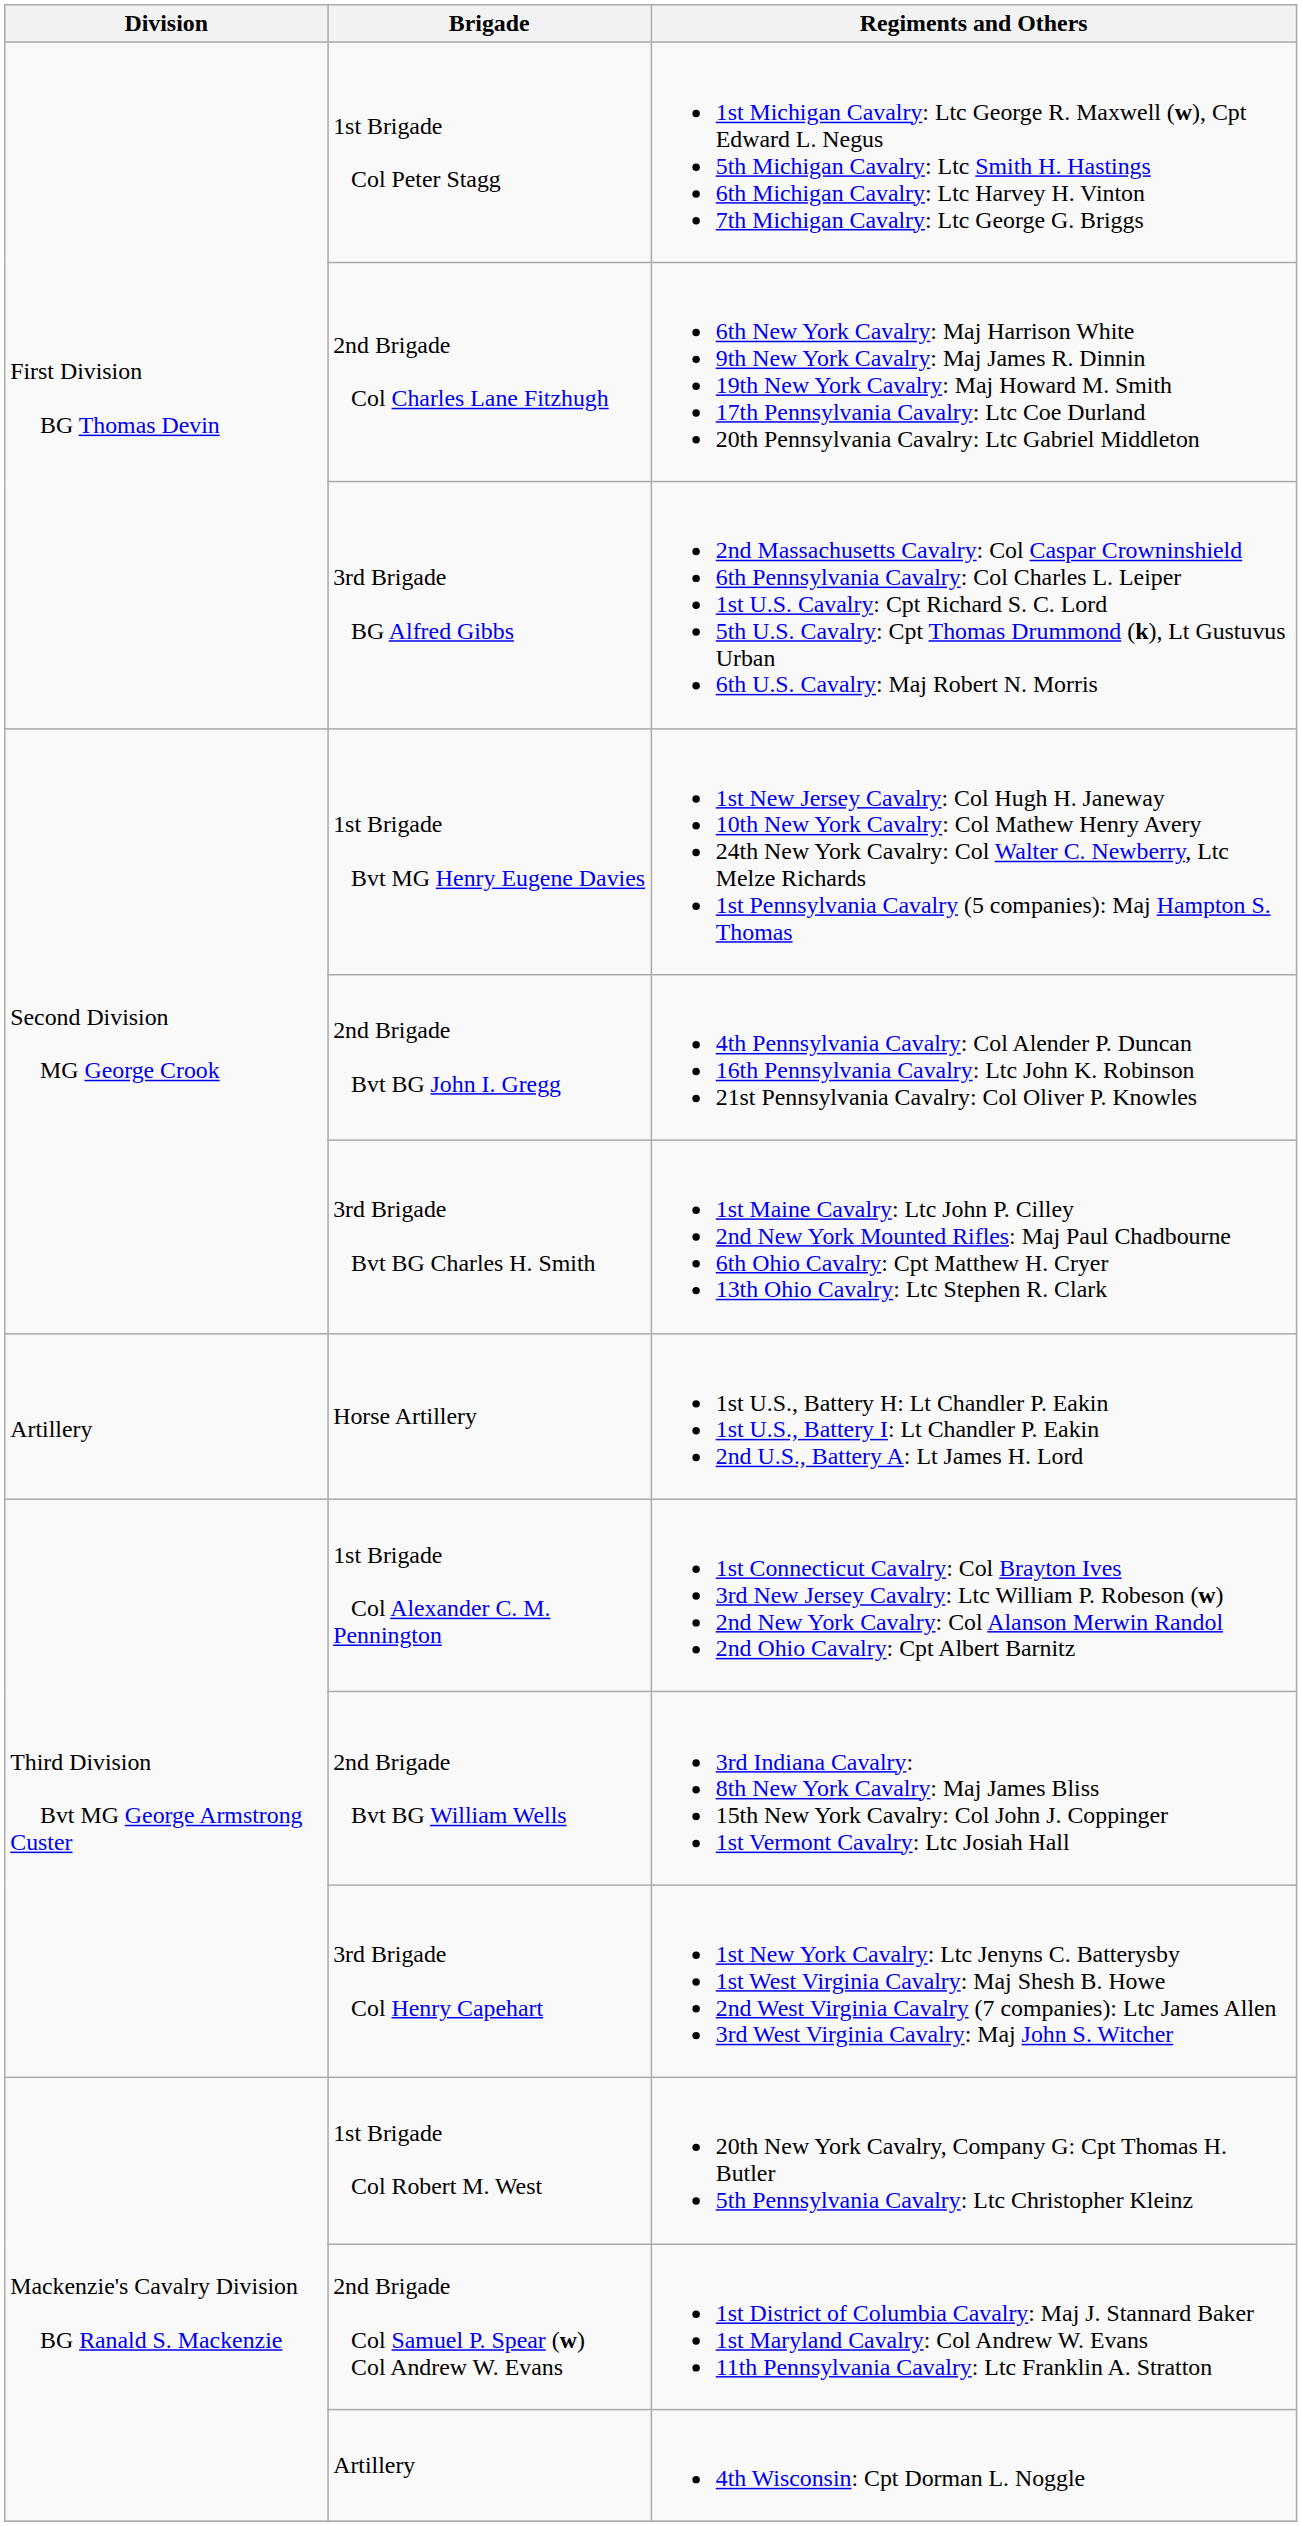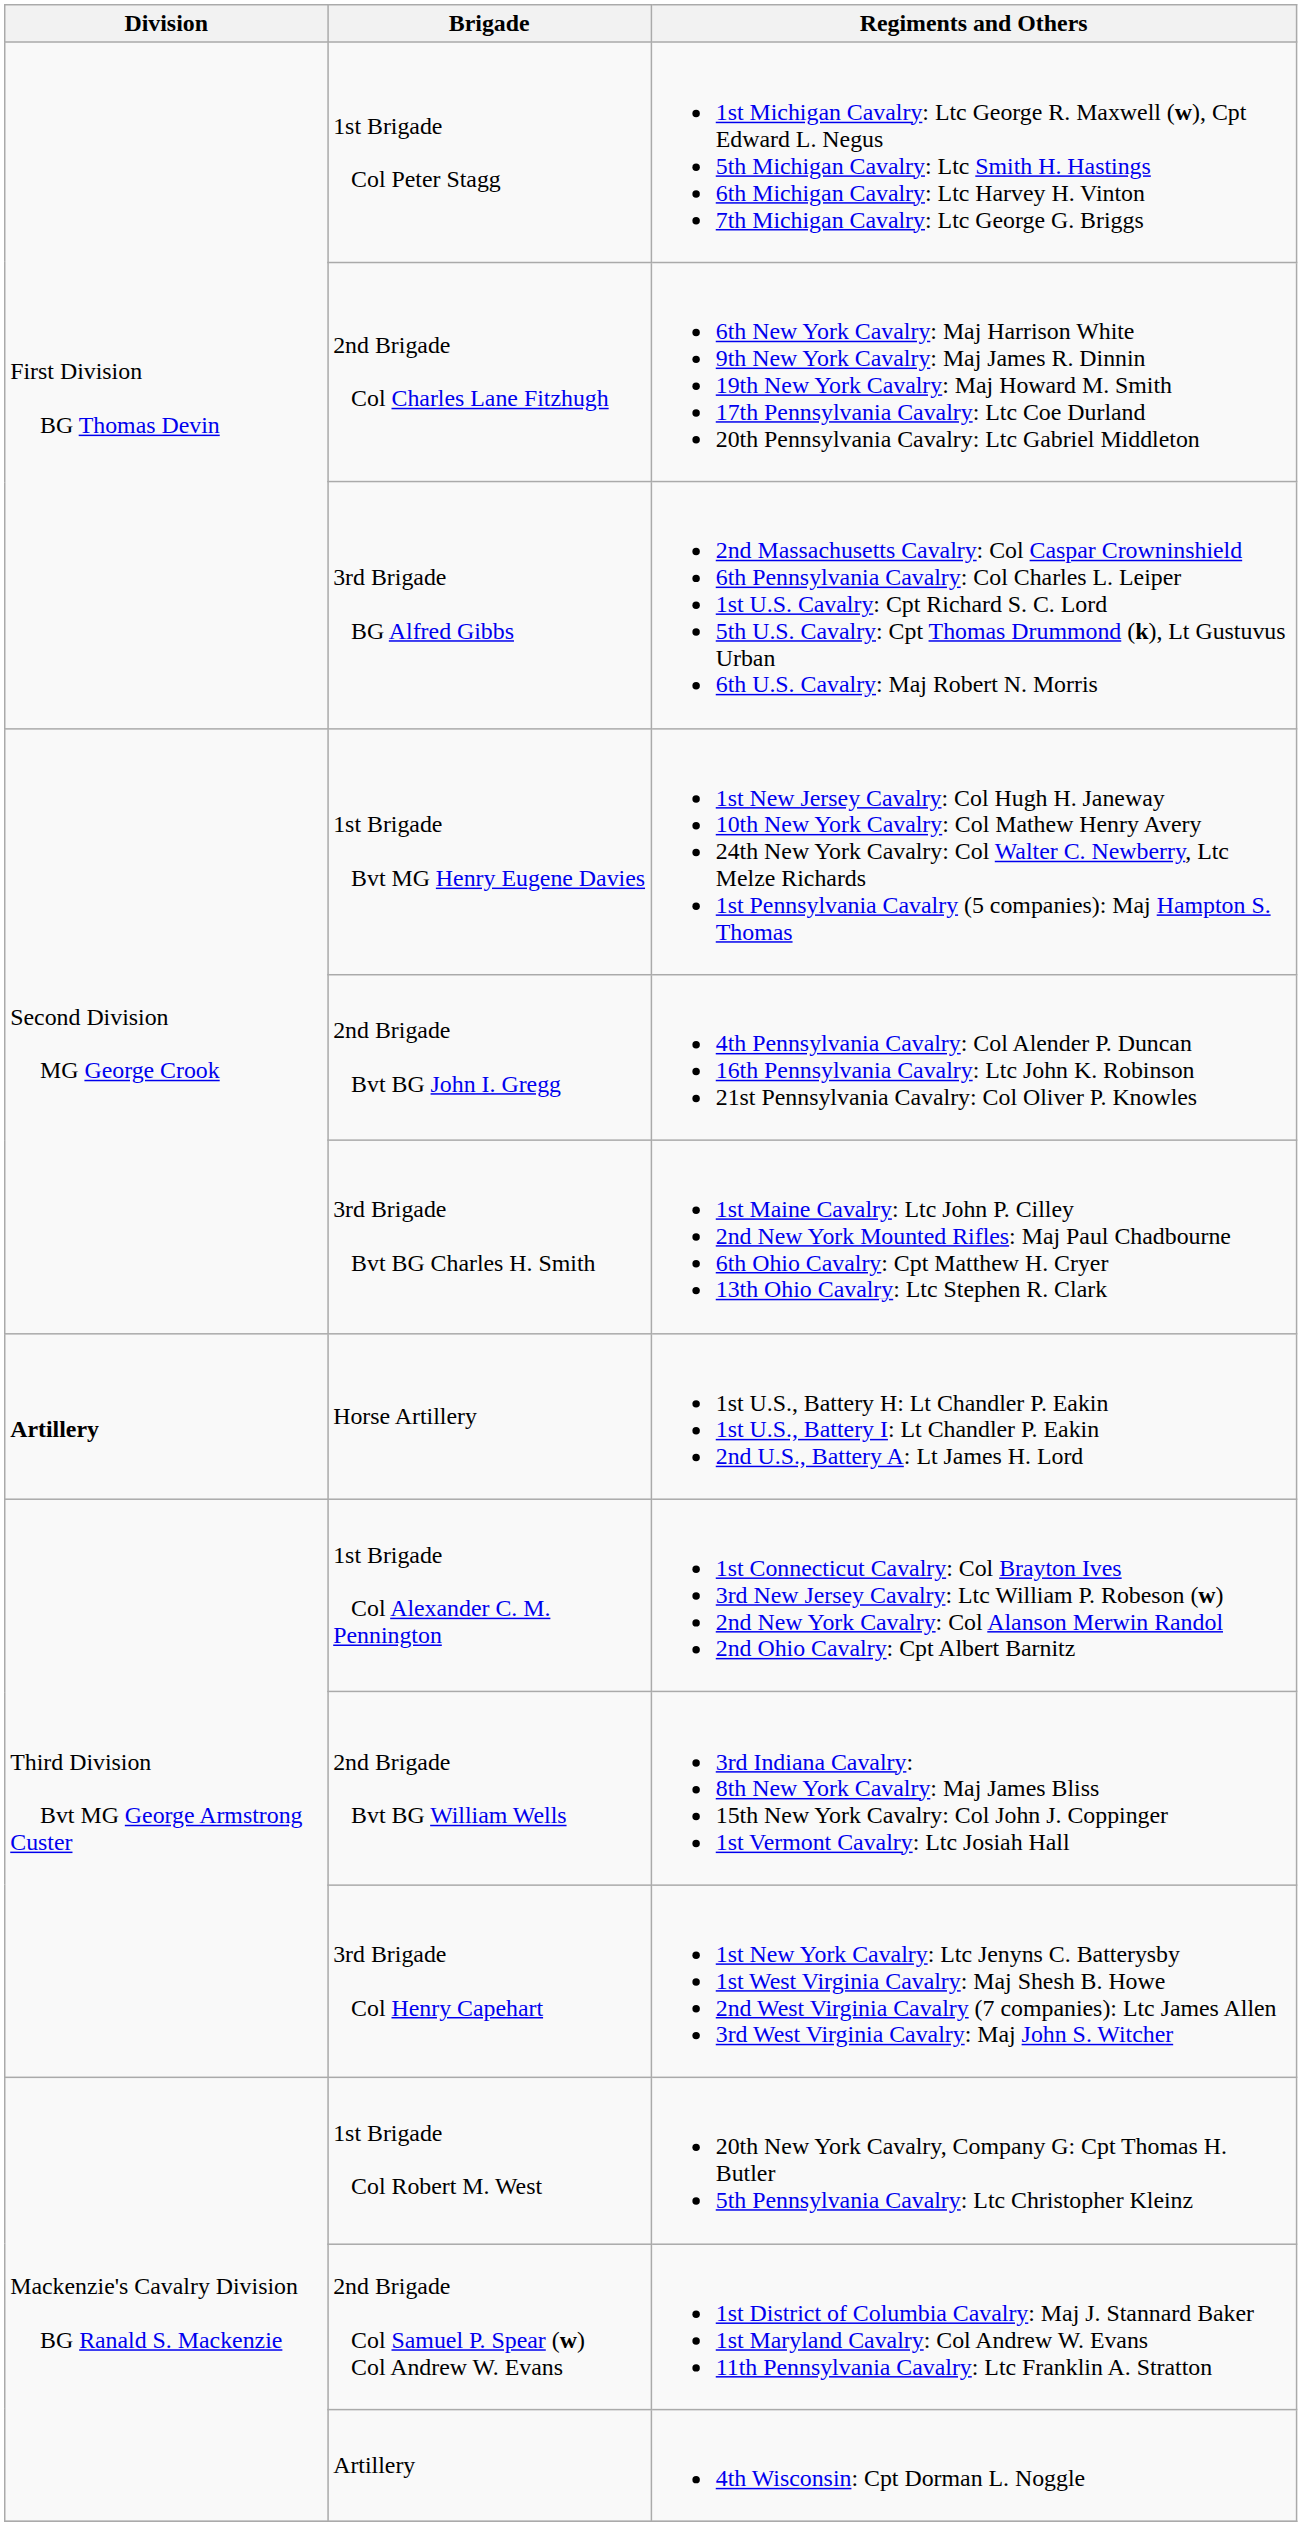 <table class="wikitable">
 <tr>
 <th width=25%>Division</th>
 <th width=25%>Brigade</th>
 <th>Regiments and Others</th>
 </tr>
 <tr>
 <td rowspan=3><br>First Division<br><br>     BG <a href='#'>Thomas Devin</a> <br></td>
 <td>1st Brigade<br><br>   Col Peter Stagg</td>
 <td><br><ul><li><a href='#'>1st Michigan Cavalry</a>: Ltc George R. Maxwell (<strong>w</strong>), Cpt Edward L. Negus</li><li><a href='#'>5th Michigan Cavalry</a>: Ltc <a href='#'>Smith H. Hastings</a></li><li><a href='#'>6th Michigan Cavalry</a>: Ltc Harvey H. Vinton</li><li><a href='#'>7th Michigan Cavalry</a>: Ltc George G. Briggs</li></ul></td>
 </tr>
 <tr>
 <td>2nd Brigade<br><br>   Col <a href='#'>Charles Lane Fitzhugh</a></td>
 <td><br><ul><li><a href='#'>6th New York Cavalry</a>: Maj Harrison White</li><li><a href='#'>9th New York Cavalry</a>: Maj James R. Dinnin</li><li><a href='#'>19th New York Cavalry</a>: Maj Howard M. Smith</li><li><a href='#'>17th Pennsylvania Cavalry</a>: Ltc Coe Durland</li><li>20th Pennsylvania Cavalry: Ltc Gabriel Middleton</li></ul></td>
 </tr>
 <tr>
 <td>3rd Brigade<br><br>   BG <a href='#'>Alfred Gibbs</a></td>
 <td><br><ul><li><a href='#'>2nd Massachusetts Cavalry</a>: Col <a href='#'>Caspar Crowninshield</a></li><li><a href='#'>6th Pennsylvania Cavalry</a>: Col Charles L. Leiper</li><li><a href='#'>1st U.S. Cavalry</a>: Cpt Richard S. C. Lord</li><li><a href='#'>5th U.S. Cavalry</a>: Cpt <a href='#'>Thomas Drummond</a> (<strong>k</strong>), Lt Gustuvus Urban</li><li><a href='#'>6th U.S. Cavalry</a>: Maj Robert N. Morris</li></ul></td>
 </tr>
 <tr>
 <td rowspan=3><br>Second Division<br><br>     MG <a href='#'>George Crook</a> <br></td>
 <td>1st Brigade<br><br>   Bvt MG <a href='#'>Henry Eugene Davies</a></td>
 <td><br><ul><li><a href='#'>1st New Jersey Cavalry</a>: Col Hugh H. Janeway</li><li><a href='#'>10th New York Cavalry</a>: Col Mathew Henry Avery</li><li>24th New York Cavalry: Col <a href='#'>Walter C. Newberry</a>, Ltc Melze Richards</li><li><a href='#'>1st Pennsylvania Cavalry</a> (5 companies): Maj <a href='#'>Hampton S. Thomas</a></li></ul></td>
 </tr>
 <tr>
 <td>2nd Brigade<br><br>   Bvt BG <a href='#'>John I. Gregg</a></td>
 <td><br><ul><li><a href='#'>4th Pennsylvania Cavalry</a>: Col Alender P. Duncan</li><li><a href='#'>16th Pennsylvania Cavalry</a>: Ltc John K. Robinson</li><li>21st Pennsylvania Cavalry: Col Oliver P. Knowles</li></ul></td>
 </tr>
 <tr>
 <td>3rd Brigade<br><br>   Bvt BG Charles H. Smith</td>
 <td><br><ul><li><a href='#'>1st Maine Cavalry</a>: Ltc John P. Cilley</li><li><a href='#'>2nd New York Mounted Rifles</a>: Maj Paul Chadbourne</li><li><a href='#'>6th Ohio Cavalry</a>: Cpt Matthew H. Cryer</li><li><a href='#'>13th Ohio Cavalry</a>: Ltc Stephen R. Clark</li></ul></td>
 </tr>
 <tr>
-<td rowspan=1><br>Artillery</td>
+<td rowspan=1><strong><br>Artillery</strong></td>
 <td>Horse Artillery</td>
 <td><br><ul><li>1st U.S., Battery H: Lt Chandler P. Eakin</li><li><a href='#'>1st U.S., Battery I</a>: Lt Chandler P. Eakin</li><li><a href='#'>2nd U.S., Battery A</a>: Lt James H. Lord</li></ul></td>
 </tr>
 <tr>
 <td rowspan=3><br>Third Division<br><br>     Bvt MG <a href='#'>George Armstrong Custer</a> <br></td>
 <td>1st Brigade<br><br>   Col <a href='#'>Alexander C. M. Pennington</a></td>
 <td><br><ul><li><a href='#'>1st Connecticut Cavalry</a>: Col <a href='#'>Brayton Ives</a></li><li><a href='#'>3rd New Jersey Cavalry</a>: Ltc William P. Robeson (<strong>w</strong>)</li><li><a href='#'>2nd New York Cavalry</a>: Col <a href='#'>Alanson Merwin Randol</a></li><li><a href='#'>2nd Ohio Cavalry</a>: Cpt Albert Barnitz</li></ul></td>
 </tr>
 <tr>
 <td>2nd Brigade<br><br>   Bvt BG <a href='#'>William Wells</a></td>
 <td><br><ul><li><a href='#'>3rd Indiana Cavalry</a>:</li><li><a href='#'>8th New York Cavalry</a>: Maj James Bliss</li><li>15th New York Cavalry: Col John J. Coppinger</li><li><a href='#'>1st Vermont Cavalry</a>: Ltc Josiah Hall</li></ul></td>
 </tr>
 <tr>
 <td>3rd Brigade<br><br>   Col <a href='#'>Henry Capehart</a></td>
 <td><br><ul><li><a href='#'>1st New York Cavalry</a>: Ltc Jenyns C. Batterysby</li><li><a href='#'>1st West Virginia Cavalry</a>: Maj Shesh B. Howe</li><li><a href='#'>2nd West Virginia Cavalry</a> (7 companies): Ltc James Allen</li><li><a href='#'>3rd West Virginia Cavalry</a>: Maj <a href='#'>John S. Witcher</a></li></ul></td>
 </tr>
 <tr>
 <td rowspan=3><br>Mackenzie's Cavalry Division<br><br>     BG <a href='#'>Ranald S. Mackenzie</a> <br></td>
 <td>1st Brigade<br><br>   Col Robert M. West</td>
 <td><br><ul><li>20th New York Cavalry, Company G: Cpt Thomas H. Butler</li><li><a href='#'>5th Pennsylvania Cavalry</a>: Ltc Christopher Kleinz</li></ul></td>
 </tr>
 <tr>
 <td>2nd Brigade<br><br>   Col <a href='#'>Samuel P. Spear</a> (<strong>w</strong>)<br>    Col Andrew W. Evans</td>
 <td><br><ul><li><a href='#'>1st District of Columbia Cavalry</a>: Maj J. Stannard Baker</li><li><a href='#'>1st Maryland Cavalry</a>: Col Andrew W. Evans</li><li><a href='#'>11th Pennsylvania Cavalry</a>: Ltc Franklin A. Stratton</li></ul></td>
 </tr>
 <tr>
 <td>Artillery<br></td>
 <td><br><ul><li><a href='#'>4th Wisconsin</a>: Cpt Dorman L. Noggle</li></ul></td>
 </tr>
 <tr>
 </tr>
 </table>
